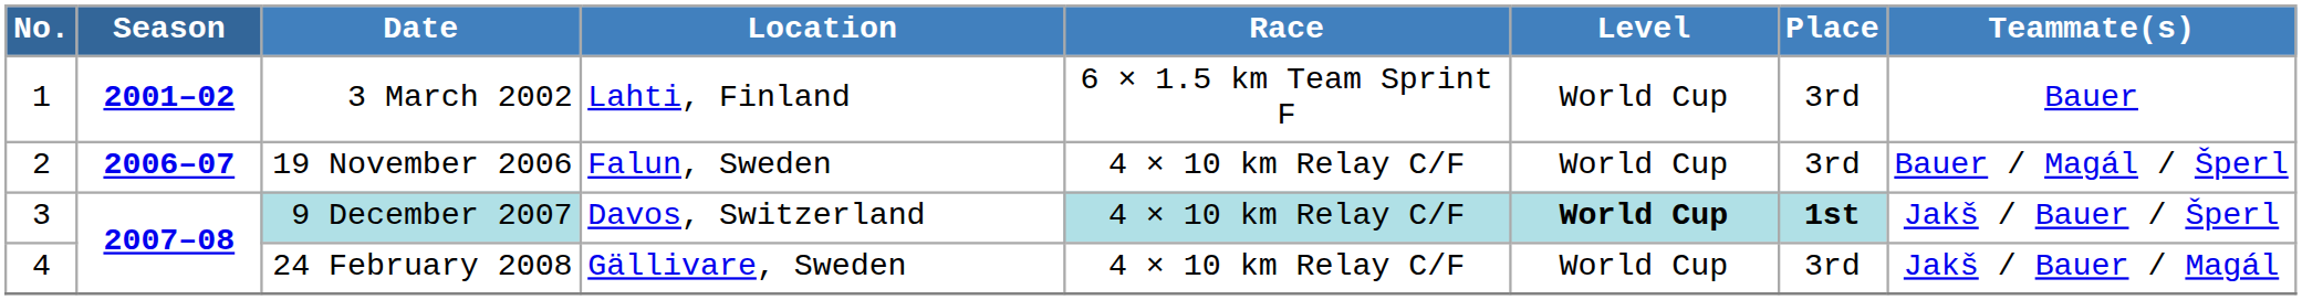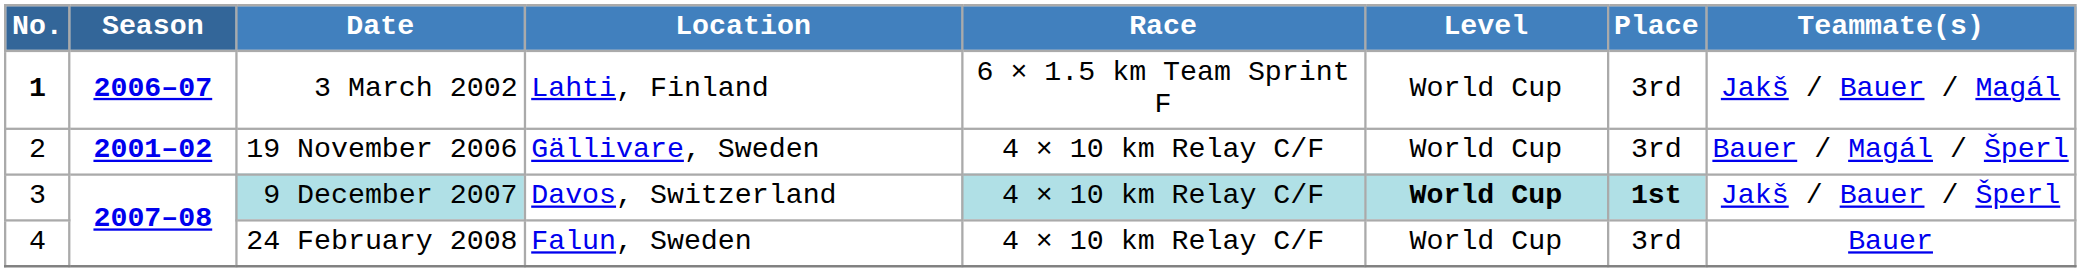 <table class="wikitable sortable" style="font-size:95%; text-align:center; border:grey solid 1px; border-collapse:collapse; background:#ffffff;">
 <tr style="background:#efefef;">
 <th style="background-color:#369; color:white;">No.</th>
 <th style="background-color:#369; color:white;">Season</th>
 <th style="background-color:#4180be; color:white; width:120px;">Date</th>
 <th style="background-color:#4180be; color:white; width:185px;">Location</th>
 <th style="background-color:#4180be; color:white; width:170px;">Race</th>
 <th style="background-color:#4180be; color:white; width:100px;">Level</th>
 <th style="background-color:#4180be; color:white;">Place</th>
 <th style="background-color:#4180be; color:white;">Teammate(s)</th>
 </tr>
 <tr>
-<td align=center>1</td>
-<td rowspan=1 align=center><strong> <a href='#'>2001–02</a> </strong></td>
+<td align=center><strong>1</strong></td>
+<td rowspan=1 align=center><strong> <a href='#'>2006–07</a> </strong></td>
 <td align=right>3 March 2002</td>
 <td align=left> <a href='#'>Lahti</a>, Finland</td>
 <td>6 × 1.5 km Team Sprint F</td>
 <td>World Cup</td>
 <td>3rd</td>
-<td><a href='#'>Bauer</a></td>
+<td><a href='#'>Jakš</a> / <a href='#'>Bauer</a> / <a href='#'>Magál</a></td>
 </tr>
 <tr>
 <td align=center>2</td>
-<td rowspan=1 align=center><strong> <a href='#'>2006–07</a> </strong></td>
+<td rowspan=1 align=center><strong> <a href='#'>2001–02</a> </strong></td>
 <td align=right>19 November 2006</td>
-<td align=left> <a href='#'>Falun</a>, Sweden</td>
+<td align=left> <a href='#'>Gällivare</a>, Sweden</td>
 <td>4 × 10 km Relay C/F</td>
 <td>World Cup</td>
 <td>3rd</td>
 <td><a href='#'>Bauer</a> / <a href='#'>Magál</a> / <a href='#'>Šperl</a></td>
 </tr>
 <tr>
 <td align=center>3</td>
 <td rowspan=2 align=center><strong><a href='#'>2007–08</a></strong></td>
 <td bgcolor="#BOEOE6" align=right>9 December 2007</td>
 <td align=left> <a href='#'>Davos</a>, Switzerland</td>
 <td bgcolor="#BOEOE6">4 × 10 km Relay C/F</td>
 <td bgcolor="#BOEOE6"><strong>World Cup</strong></td>
 <td bgcolor="#BOEOE6"><strong>1st</strong></td>
 <td><a href='#'>Jakš</a> / <a href='#'>Bauer</a> / <a href='#'>Šperl</a></td>
 </tr>
 <tr>
 <td align=center>4</td>
 <td align=right>24 February 2008</td>
-<td align=left> <a href='#'>Gällivare</a>, Sweden</td>
+<td align=left> <a href='#'>Falun</a>, Sweden</td>
 <td>4 × 10 km Relay C/F</td>
 <td>World Cup</td>
 <td>3rd</td>
-<td><a href='#'>Jakš</a> / <a href='#'>Bauer</a> / <a href='#'>Magál</a></td>
+<td><a href='#'>Bauer</a></td>
 </tr>
 <tr>
 </tr>
 </table>
